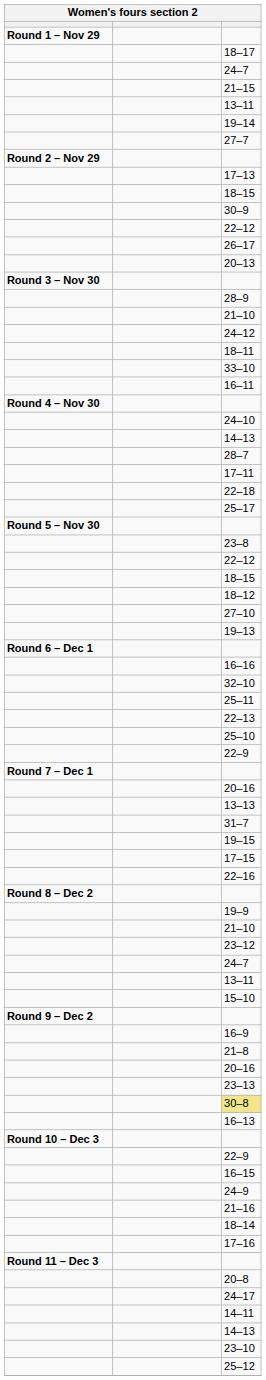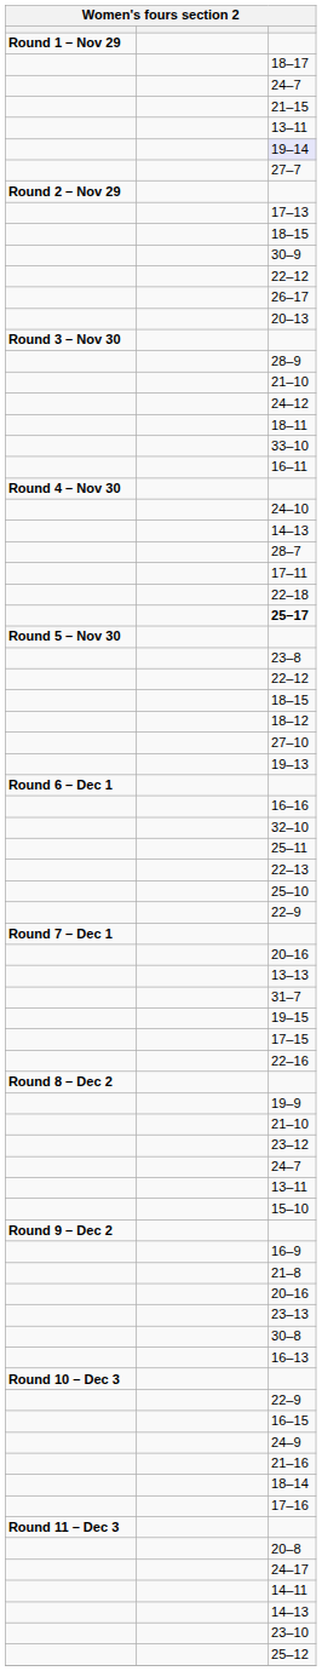 <table class="wikitable">
 <tr>
 <th colspan="3">Women's fours section 2</th>
 </tr>
 <tr>
 <th width=150></th>
 <th width=150></th>
 <th width=50></th>
 </tr>
 <tr>
 <td><strong>Round 1 – Nov 29</strong></td>
 <td></td>
 <td></td>
 </tr>
 <tr>
 <td></td>
 <td></td>
 <td>18–17</td>
 </tr>
 <tr>
 <td></td>
 <td></td>
 <td>24–7</td>
 </tr>
 <tr>
 <td></td>
 <td></td>
 <td>21–15</td>
 </tr>
 <tr>
 <td></td>
 <td></td>
 <td>13–11</td>
 </tr>
 <tr>
 <td></td>
 <td></td>
-<td>19–14</td>
+<td style="background: lavender;">19–14</td>
 </tr>
 <tr>
 <td></td>
 <td></td>
 <td>27–7</td>
 </tr>
 <tr>
 <td><strong>Round 2 – Nov 29</strong></td>
 <td></td>
 <td></td>
 </tr>
 <tr>
 <td></td>
 <td></td>
 <td>17–13</td>
 </tr>
 <tr>
 <td></td>
 <td></td>
 <td>18–15</td>
 </tr>
 <tr>
 <td></td>
 <td></td>
 <td>30–9</td>
 </tr>
 <tr>
 <td></td>
 <td></td>
 <td>22–12</td>
 </tr>
 <tr>
 <td></td>
 <td></td>
 <td>26–17</td>
 </tr>
 <tr>
 <td></td>
 <td></td>
 <td>20–13</td>
 </tr>
 <tr>
 <td><strong>Round 3 – Nov 30</strong></td>
 <td></td>
 <td></td>
 </tr>
 <tr>
 <td></td>
 <td></td>
 <td>28–9</td>
 </tr>
 <tr>
 <td></td>
 <td></td>
 <td>21–10</td>
 </tr>
 <tr>
 <td></td>
 <td></td>
 <td>24–12</td>
 </tr>
 <tr>
 <td></td>
 <td></td>
 <td>18–11</td>
 </tr>
 <tr>
 <td></td>
 <td></td>
 <td>33–10</td>
 </tr>
 <tr>
 <td></td>
 <td></td>
 <td>16–11</td>
 </tr>
 <tr>
 <td><strong>Round 4 – Nov 30</strong></td>
 <td></td>
 <td></td>
 </tr>
 <tr>
 <td></td>
 <td></td>
 <td>24–10</td>
 </tr>
 <tr>
 <td></td>
 <td></td>
 <td>14–13</td>
 </tr>
 <tr>
 <td></td>
 <td></td>
 <td>28–7</td>
 </tr>
 <tr>
 <td></td>
 <td></td>
 <td>17–11</td>
 </tr>
 <tr>
 <td></td>
 <td></td>
 <td>22–18</td>
 </tr>
 <tr>
 <td></td>
 <td></td>
-<td>25–17</td>
+<td><strong>25–17</strong></td>
 </tr>
 <tr>
 <td><strong>Round 5 – Nov 30</strong></td>
 <td></td>
 <td></td>
 </tr>
 <tr>
 <td></td>
 <td></td>
 <td>23–8</td>
 </tr>
 <tr>
 <td></td>
 <td></td>
 <td>22–12</td>
 </tr>
 <tr>
 <td></td>
 <td></td>
 <td>18–15</td>
 </tr>
 <tr>
 <td></td>
 <td></td>
 <td>18–12</td>
 </tr>
 <tr>
 <td></td>
 <td></td>
 <td>27–10</td>
 </tr>
 <tr>
 <td></td>
 <td></td>
 <td>19–13</td>
 </tr>
 <tr>
 <td><strong>Round 6  – Dec 1</strong></td>
 <td></td>
 <td></td>
 </tr>
 <tr>
 <td></td>
 <td></td>
 <td>16–16</td>
 </tr>
 <tr>
 <td></td>
 <td></td>
 <td>32–10</td>
 </tr>
 <tr>
 <td></td>
 <td></td>
 <td>25–11</td>
 </tr>
 <tr>
 <td></td>
 <td></td>
 <td>22–13</td>
 </tr>
 <tr>
 <td></td>
 <td></td>
 <td>25–10</td>
 </tr>
 <tr>
 <td></td>
 <td></td>
 <td>22–9</td>
 </tr>
 <tr>
 <td><strong>Round 7 – Dec 1</strong></td>
 <td></td>
 <td></td>
 </tr>
 <tr>
 <td></td>
 <td></td>
 <td>20–16</td>
 </tr>
 <tr>
 <td></td>
 <td></td>
 <td>13–13</td>
 </tr>
 <tr>
 <td></td>
 <td></td>
 <td>31–7</td>
 </tr>
 <tr>
 <td></td>
 <td></td>
 <td>19–15</td>
 </tr>
 <tr>
 <td></td>
 <td></td>
 <td>17–15</td>
 </tr>
 <tr>
 <td></td>
 <td></td>
 <td>22–16</td>
 </tr>
 <tr>
 <td><strong>Round 8 – Dec 2</strong></td>
 <td></td>
 <td></td>
 </tr>
 <tr>
 <td></td>
 <td></td>
 <td>19–9</td>
 </tr>
 <tr>
 <td></td>
 <td></td>
 <td>21–10</td>
 </tr>
 <tr>
 <td></td>
 <td></td>
 <td>23–12</td>
 </tr>
 <tr>
 <td></td>
 <td></td>
 <td>24–7</td>
 </tr>
 <tr>
 <td></td>
 <td></td>
 <td>13–11</td>
 </tr>
 <tr>
 <td></td>
 <td></td>
 <td>15–10</td>
 </tr>
 <tr>
 <td><strong>Round 9 – Dec 2</strong></td>
 <td></td>
 <td></td>
 </tr>
 <tr>
 <td></td>
 <td></td>
 <td>16–9</td>
 </tr>
 <tr>
 <td></td>
 <td></td>
 <td>21–8</td>
 </tr>
 <tr>
 <td></td>
 <td></td>
 <td>20–16</td>
 </tr>
 <tr>
 <td></td>
 <td></td>
 <td>23–13</td>
 </tr>
 <tr>
 <td></td>
 <td></td>
-<td style="background: khaki;">30–8</td>
+<td>30–8</td>
 </tr>
 <tr>
 <td></td>
 <td></td>
 <td>16–13</td>
 </tr>
 <tr>
 <td><strong>Round 10 – Dec 3</strong></td>
 <td></td>
 <td></td>
 </tr>
 <tr>
 <td></td>
 <td></td>
 <td>22–9</td>
 </tr>
 <tr>
 <td></td>
 <td></td>
 <td>16–15</td>
 </tr>
 <tr>
 <td></td>
 <td></td>
 <td>24–9</td>
 </tr>
 <tr>
 <td></td>
 <td></td>
 <td>21–16</td>
 </tr>
 <tr>
 <td></td>
 <td></td>
 <td>18–14</td>
 </tr>
 <tr>
 <td></td>
 <td></td>
 <td>17–16</td>
 </tr>
 <tr>
 <td><strong>Round 11 – Dec 3</strong></td>
 <td></td>
 <td></td>
 </tr>
 <tr>
 <td></td>
 <td></td>
 <td>20–8</td>
 </tr>
 <tr>
 <td></td>
 <td></td>
 <td>24–17</td>
 </tr>
 <tr>
 <td></td>
 <td></td>
 <td>14–11</td>
 </tr>
 <tr>
 <td></td>
 <td></td>
 <td>14–13</td>
 </tr>
 <tr>
 <td></td>
 <td></td>
 <td>23–10</td>
 </tr>
 <tr>
 <td></td>
 <td></td>
 <td>25–12</td>
 </tr>
 <tr>
 </tr>
 </table>
